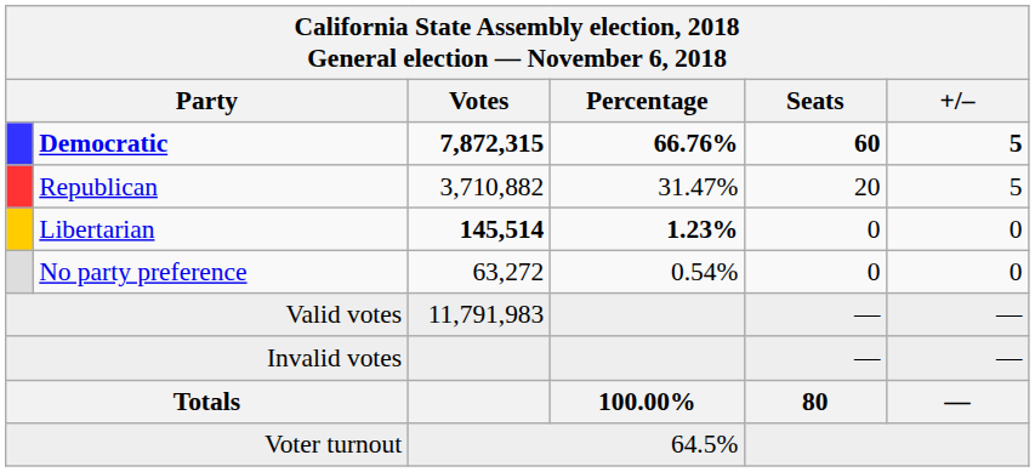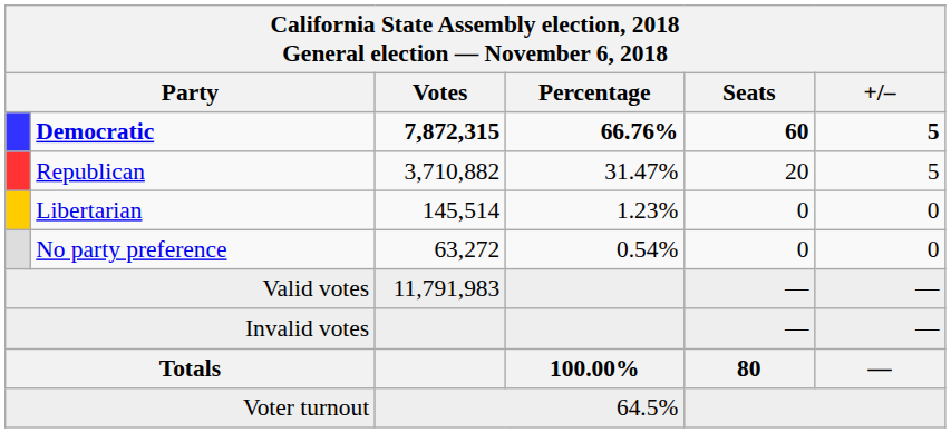 <table class="wikitable" style="font-size:95%;">
 <tr>
 <th colspan="7">California State Assembly election, 2018<br>General election — November 6, 2018</th>
 </tr>
 <tr>
 <th colspan=2 style="width: 15em">Party</th>
 <th style="width: 5em">Votes</th>
 <th style="width: 7em">Percentage</th>
 <th style="width: 5em">Seats</th>
 <th style="width: 5em">+/–</th>
 </tr>
 <tr>
 <th style="background-color:#33F; width: 3px"></th>
 <td style="width: 130px"><strong><a href='#'>Democratic</a></strong></td>
 <td align="right"><strong>7,872,315</strong></td>
 <td align="right"><strong>66.76%</strong></td>
 <td align="right"><strong>60</strong></td>
 <td align="right"><strong> 5</strong></td>
 </tr>
 <tr>
 <th style="background-color:#F33; width: 3px"></th>
 <td style="width: 130px"><a href='#'>Republican</a></td>
 <td align="right">3,710,882</td>
 <td align="right">31.47%</td>
 <td align="right">20</td>
 <td align="right"> 5</td>
 </tr>
 <tr>
 <th style="background-color:#FC0; width: 3px"></th>
 <td style="width: 130px"><a href='#'>Libertarian</a></td>
-<td align="right"><strong>145,514</strong></td>
-<td align="right"><strong>1.23%</strong></td>
+<td align="right">145,514</td>
+<td align="right">1.23%</td>
 <td align="right">0</td>
 <td align="right">0</td>
 </tr>
 <tr>
 <th style="background-color:#DDD; width: 3px"></th>
 <td style="width: 130px"><a href='#'>No party preference</a></td>
 <td align="right">63,272</td>
 <td align="right">0.54%</td>
 <td align="right">0</td>
 <td align="right">0</td>
 </tr>
 <tr bgcolor="#EEEEEE">
 <td colspan="2" align="right">Valid votes</td>
 <td align="right">11,791,983</td>
 <td align="right"></td>
 <td align="right">—</td>
 <td align="right">—</td>
 </tr>
 <tr bgcolor="#EEEEEE">
 <td colspan="2" align="right">Invalid votes</td>
 <td align="right"></td>
 <td align="right"></td>
 <td align="right">—</td>
 <td align="right">—</td>
 </tr>
 <tr bgcolor="#EEEEEE">
 <th colspan="2" align="right">Totals</th>
 <th align="right"></th>
 <th align="right">100.00%</th>
 <th align="right">80</th>
 <th align="right">—</th>
 </tr>
 <tr bgcolor="#EEEEEE">
 <td colspan="2" align="right">Voter turnout</td>
 <td colspan="2" align="right">64.5%</td>
 <td colspan="2" align="right"></td>
 </tr>
 </table>
